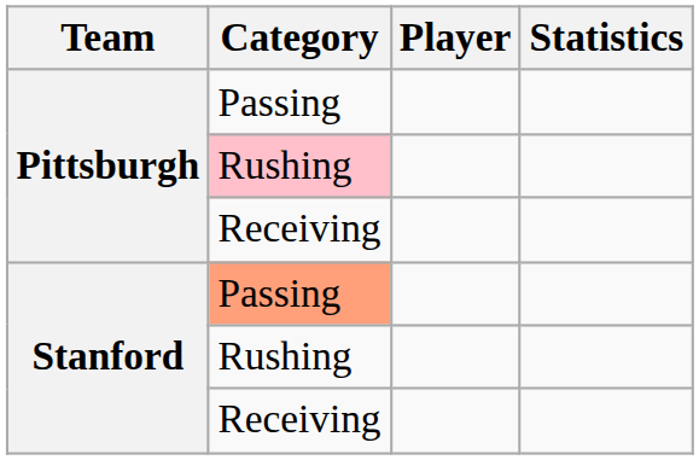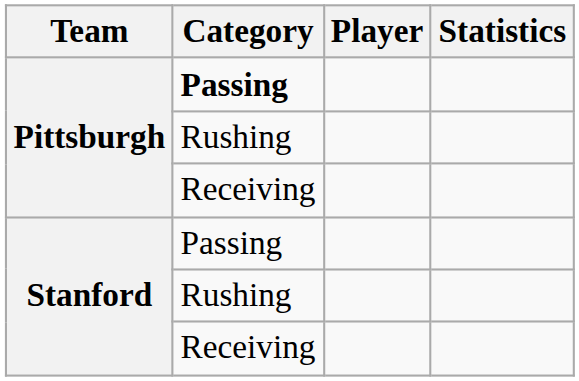 <table class="wikitable" style="float:right">
 <tr>
 <th>Team</th>
 <th>Category</th>
 <th>Player</th>
 <th>Statistics</th>
 </tr>
 <tr>
 <th rowspan=3>Pittsburgh</th>
-<td>Passing</td>
+<td><strong>Passing</strong></td>
 <td></td>
 <td></td>
 </tr>
 <tr>
-<td style="background: pink;">Rushing</td>
+<td>Rushing</td>
 <td></td>
 <td></td>
 </tr>
 <tr>
 <td>Receiving</td>
 <td></td>
 <td></td>
 </tr>
 <tr>
 <th rowspan=3>Stanford</th>
-<td style="background: lightsalmon;">Passing</td>
+<td>Passing</td>
 <td></td>
 <td></td>
 </tr>
 <tr>
 <td>Rushing</td>
 <td></td>
 <td></td>
 </tr>
 <tr>
 <td>Receiving</td>
 <td></td>
 <td></td>
 </tr>
 </table>
